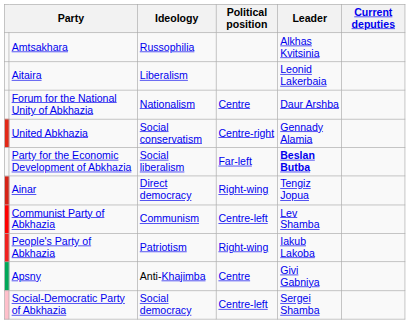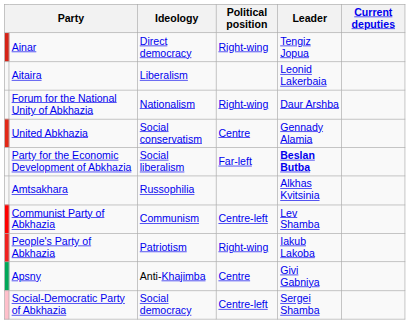 <table class="wikitable">
 <tr>
 <th colspan="2">Party</th>
 <th>Ideology</th>
 <th>Political position</th>
 <th>Leader</th>
 <th><a href='#'>Current deputies</a></th>
 </tr>
 <tr>
-<td style="background: "></td>
-<td><a href='#'>Amtsakhara</a></td>
-<td><a href='#'>Russophilia</a></td>
-<td></td>
-<td><a href='#'>Alkhas Kvitsinia</a></td>
+<td style="background: #D62317"></td>
+<td><a href='#'>Ainar</a></td>
+<td><a href='#'>Direct democracy</a></td>
+<td><a href='#'>Right-wing</a></td>
+<td><a href='#'>Tengiz Jopua</a></td>
 <td></td>
 </tr>
 <tr>
 <td style="background: "></td>
 <td><a href='#'>Aitaira</a></td>
 <td><a href='#'>Liberalism</a></td>
 <td></td>
 <td><a href='#'>Leonid Lakerbaia</a></td>
 <td></td>
 </tr>
 <tr>
 <td style="background: "></td>
 <td><a href='#'>Forum for the National Unity of Abkhazia</a></td>
 <td><a href='#'>Nationalism</a></td>
-<td><a href='#'>Centre</a></td>
+<td><a href='#'>Right-wing</a></td>
 <td><a href='#'>Daur Arshba</a></td>
 <td></td>
 </tr>
 <tr>
 <td style="background: #E32817"></td>
 <td><a href='#'>United Abkhazia</a></td>
 <td><a href='#'>Social conservatism</a></td>
-<td><a href='#'>Centre-right</a></td>
+<td><a href='#'>Centre</a></td>
 <td><a href='#'>Gennady Alamia</a></td>
 <td></td>
 </tr>
 <tr>
 <td style="background: "></td>
 <td><a href='#'>Party for the Economic Development of Abkhazia</a></td>
 <td><a href='#'>Social liberalism</a></td>
 <td><a href='#'>Far-left</a></td>
 <td><strong><a href='#'>Beslan Butba</a></strong></td>
 <td></td>
 </tr>
 <tr>
-<td style="background: #D62317"></td>
-<td><a href='#'>Ainar</a></td>
-<td><a href='#'>Direct democracy</a></td>
-<td><a href='#'>Right-wing</a></td>
-<td><a href='#'>Tengiz Jopua</a></td>
+<td style="background: "></td>
+<td><a href='#'>Amtsakhara</a></td>
+<td><a href='#'>Russophilia</a></td>
+<td></td>
+<td><a href='#'>Alkhas Kvitsinia</a></td>
 <td></td>
 </tr>
 <tr>
 <td style="background:red"></td>
 <td><a href='#'>Communist Party of Abkhazia</a></td>
 <td><a href='#'>Communism</a></td>
 <td><a href='#'>Centre-left</a></td>
 <td><a href='#'>Lev Shamba</a></td>
 <td></td>
 </tr>
 <tr>
 <td style="background: #F1211F"></td>
 <td><a href='#'>People's Party of Abkhazia</a></td>
 <td><a href='#'>Patriotism</a></td>
 <td><a href='#'>Right-wing</a></td>
 <td><a href='#'>Iakub Lakoba</a></td>
 <td></td>
 </tr>
 <tr>
 <td style="background: #00A859"></td>
 <td><a href='#'>Apsny</a></td>
 <td>Anti-<a href='#'>Khajimba</a></td>
 <td><a href='#'>Centre</a></td>
 <td><a href='#'>Givi Gabniya</a></td>
 <td></td>
 </tr>
 <tr>
 <td style="background: pink"></td>
 <td><a href='#'>Social-Democratic Party of Abkhazia</a></td>
 <td><a href='#'>Social democracy</a></td>
 <td><a href='#'>Centre-left</a></td>
 <td><a href='#'>Sergei Shamba</a></td>
 <td></td>
 </tr>
 </table>
